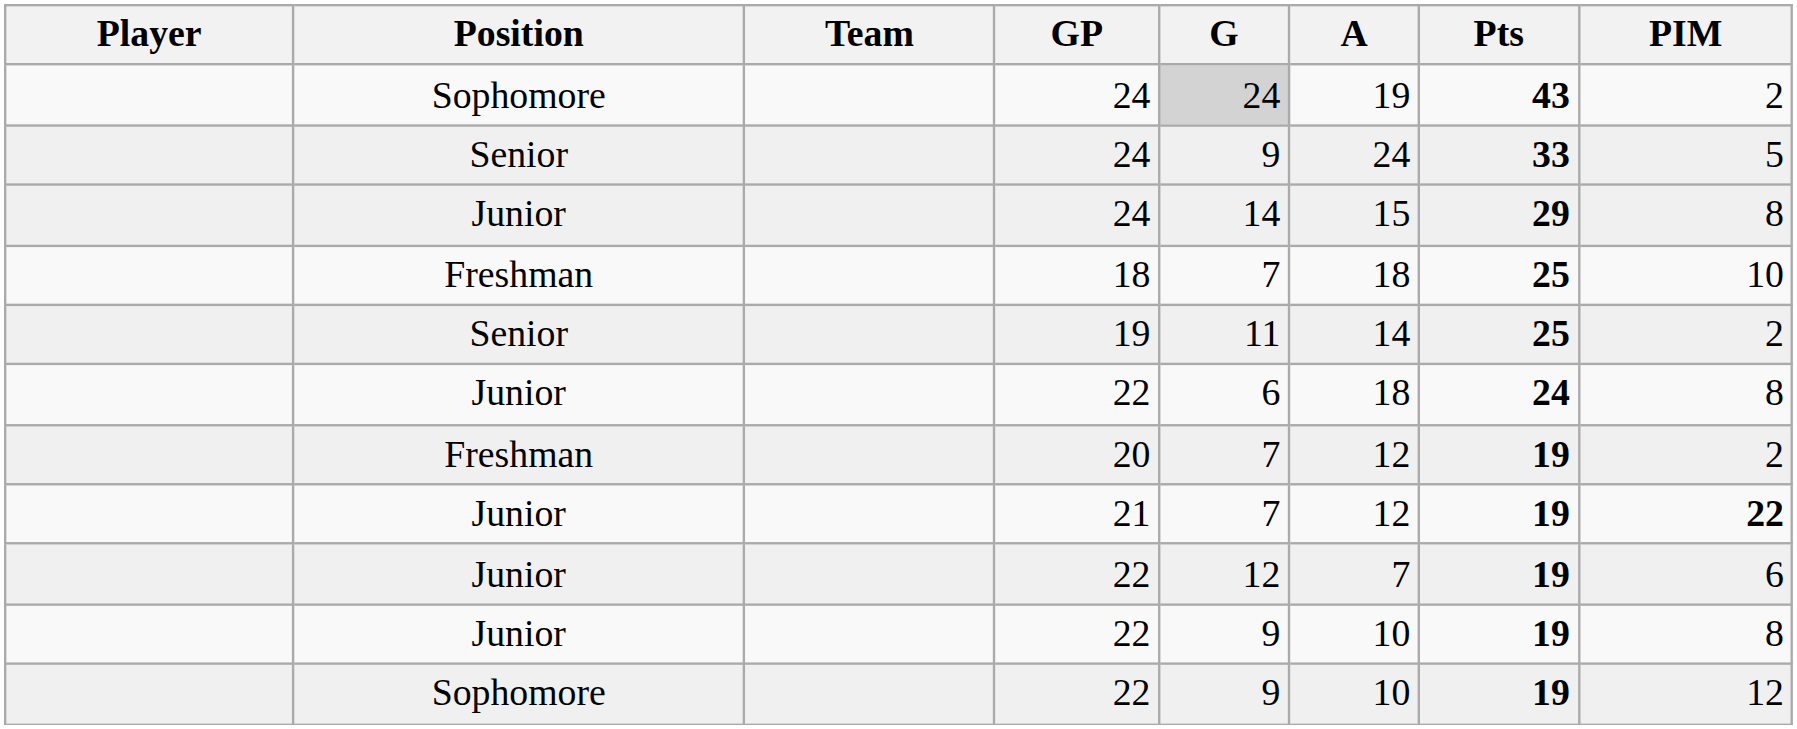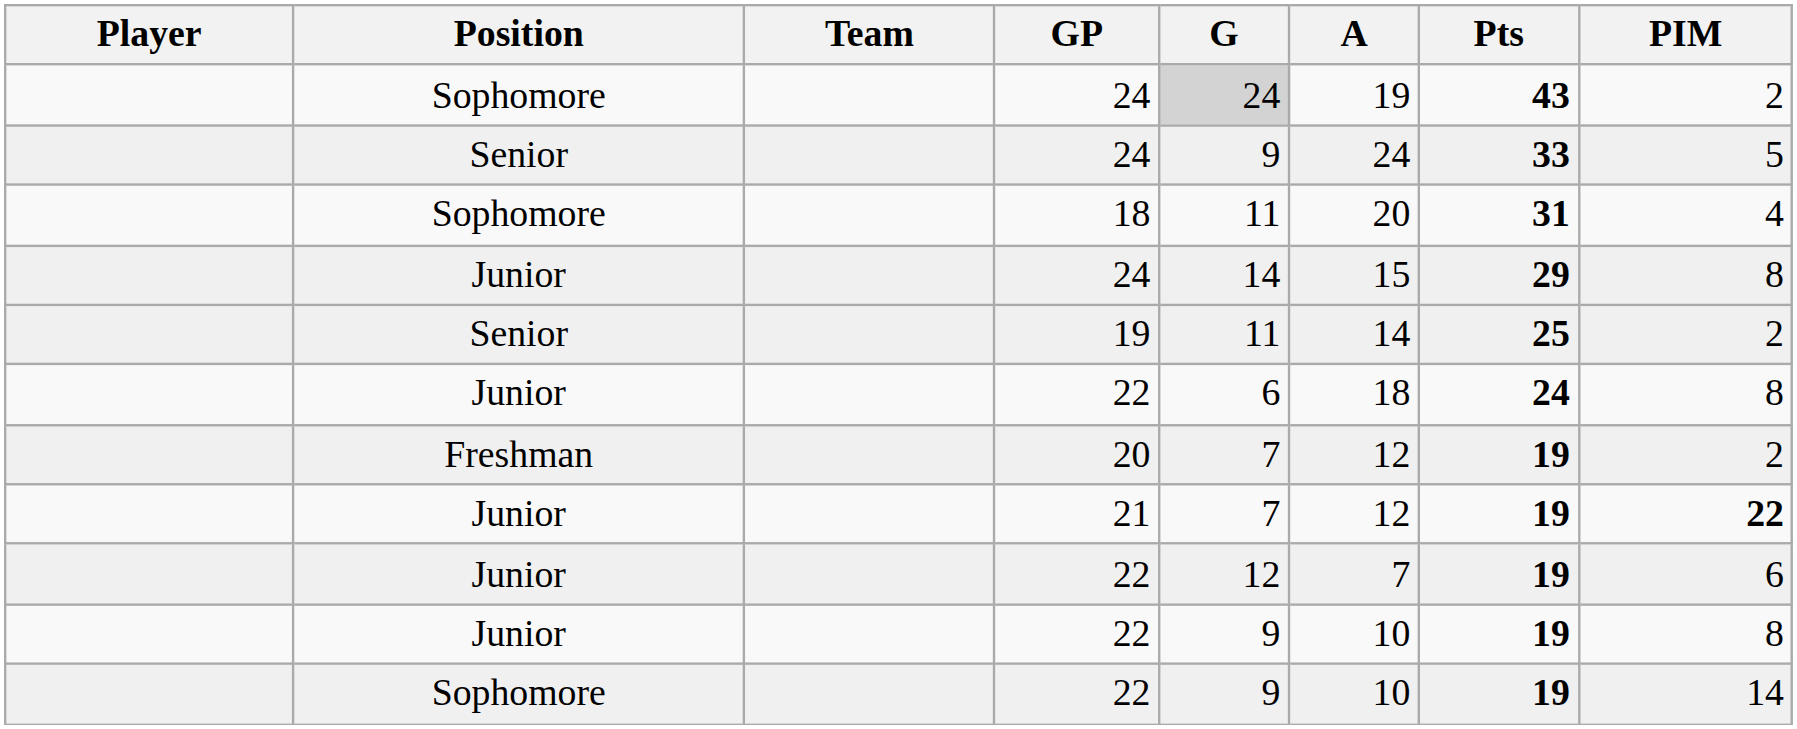 <table class="wikitable sortable" style="text-align: center; "width=60%">
 <tr>
 <th>Player</th>
 <th>Position</th>
 <th>Team</th>
 <th>GP</th>
 <th>G</th>
 <th>A</th>
 <th>Pts</th>
 <th>PIM</th>
 </tr>
 <tr>
 <td style="text-align: left"></td>
 <td>Sophomore</td>
 <td><strong><a href='#'></a></strong></td>
 <td style="text-align: right">24</td>
 <td style="background: lightgrey; text-align: right">24</td>
 <td style="text-align: right">19</td>
 <td style="text-align: right"><strong>43</strong></td>
 <td style="text-align: right">2</td>
 </tr>
 <tr bgcolor=f0f0f0>
 <td style="text-align: left"></td>
 <td>Senior</td>
 <td><strong><a href='#'></a></strong></td>
 <td style="text-align: right">24</td>
 <td style="text-align: right">9</td>
 <td style="text-align: right">24</td>
 <td style="text-align: right"><strong>33</strong></td>
 <td style="text-align: right">5</td>
 </tr>
+<tr>
+<td style="text-align: left"></td>
+<td>Sophomore</td>
+<td><strong><a href='#'></a></strong></td>
+<td style="text-align: right">18</td>
+<td style="text-align: right">11</td>
+<td style="text-align: right">20</td>
+<td style="text-align: right"><strong>31</strong></td>
+<td style="text-align: right">4</td>
+</tr>
 <tr bgcolor=f0f0f0>
 <td style="text-align: left"></td>
 <td>Junior</td>
 <td><strong><a href='#'></a></strong></td>
 <td style="text-align: right">24</td>
 <td style="text-align: right">14</td>
 <td style="text-align: right">15</td>
 <td style="text-align: right"><strong>29</strong></td>
 <td style="text-align: right">8</td>
-</tr>
-<tr>
-<td style="text-align: left"></td>
-<td>Freshman</td>
-<td><strong><a href='#'></a></strong></td>
-<td style="text-align: right">18</td>
-<td style="text-align: right">7</td>
-<td style="text-align: right">18</td>
-<td style="text-align: right"><strong>25</strong></td>
-<td style="text-align: right">10</td>
 </tr>
 <tr bgcolor=f0f0f0>
 <td style="text-align: left"></td>
 <td>Senior</td>
 <td><strong><a href='#'></a></strong></td>
 <td style="text-align: right">19</td>
 <td style="text-align: right">11</td>
 <td style="text-align: right">14</td>
 <td style="text-align: right"><strong>25</strong></td>
 <td style="text-align: right">2</td>
 </tr>
 <tr>
 <td style="text-align: left"></td>
 <td>Junior</td>
 <td><strong><a href='#'></a></strong></td>
 <td style="text-align: right">22</td>
 <td style="text-align: right">6</td>
 <td style="text-align: right">18</td>
 <td style="text-align: right"><strong>24</strong></td>
 <td style="text-align: right">8</td>
 </tr>
 <tr bgcolor=f0f0f0>
 <td style="text-align: left"></td>
 <td>Freshman</td>
 <td><strong><a href='#'></a></strong></td>
 <td style="text-align: right">20</td>
 <td style="text-align: right">7</td>
 <td style="text-align: right">12</td>
 <td style="text-align: right"><strong>19</strong></td>
 <td style="text-align: right">2</td>
 </tr>
 <tr>
 <td style="text-align: left"></td>
 <td>Junior</td>
 <td><strong><a href='#'></a></strong></td>
 <td style="text-align: right">21</td>
 <td style="text-align: right">7</td>
 <td style="text-align: right">12</td>
 <td style="text-align: right"><strong>19</strong></td>
 <td style="text-align: right"><strong>22</strong></td>
 </tr>
 <tr bgcolor=f0f0f0>
 <td style="text-align: left"></td>
 <td>Junior</td>
 <td><strong><a href='#'></a></strong></td>
 <td style="text-align: right">22</td>
 <td style="text-align: right">12</td>
 <td style="text-align: right">7</td>
 <td style="text-align: right"><strong>19</strong></td>
 <td style="text-align: right">6</td>
 </tr>
 <tr>
 <td style="text-align: left"></td>
 <td>Junior</td>
 <td><strong><a href='#'></a></strong></td>
 <td style="text-align: right">22</td>
 <td style="text-align: right">9</td>
 <td style="text-align: right">10</td>
 <td style="text-align: right"><strong>19</strong></td>
 <td style="text-align: right">8</td>
 </tr>
 <tr bgcolor=f0f0f0>
 <td style="text-align: left"></td>
 <td>Sophomore</td>
 <td><strong><a href='#'></a></strong></td>
 <td style="text-align: right">22</td>
 <td style="text-align: right">9</td>
 <td style="text-align: right">10</td>
 <td style="text-align: right"><strong>19</strong></td>
-<td style="text-align: right">12</td>
+<td style="text-align: right">14</td>
 </tr>
 <tr>
 </tr>
 </table>
